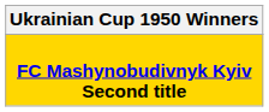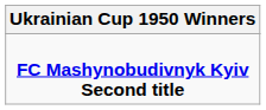 <table class="wikitable" style="text-align: center; margin: 0 auto;">
 <tr>
 <th>Ukrainian Cup 1950 Winners</th>
 </tr>
 <tr>
 </tr>
 <tr>
-<td style="background: gold;"><br><strong><a href='#'>FC Mashynobudivnyk Kyiv</a></strong><br><strong>Second title</strong></td>
+<td><br><strong><a href='#'>FC Mashynobudivnyk Kyiv</a></strong><br><strong>Second title</strong></td>
 </tr>
 </table>
